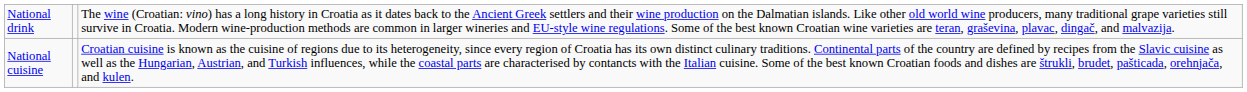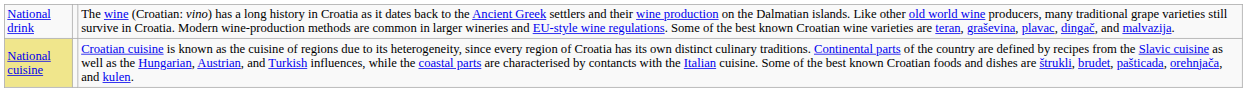 <table class="wikitable" style="text-align:left;">
 <tr>
 <td><a href='#'>National drink</a></td>
 <td></td>
 <td>The <a href='#'>wine</a> (Croatian: <em>vino</em>) has a long history in Croatia as it dates back to the <a href='#'>Ancient Greek</a> settlers and their <a href='#'>wine production</a> on the Dalmatian islands. Like other <a href='#'>old world wine</a> producers, many traditional grape varieties still survive in Croatia. Modern wine-production methods are common in larger wineries and <a href='#'>EU-style wine regulations</a>. Some of the best known Croatian wine varieties are  <a href='#'>teran</a>, <a href='#'>graševina</a>, <a href='#'>plavac</a>, <a href='#'>dingač</a>, and <a href='#'>malvazija</a>.</td>
 </tr>
 <tr>
-<td><a href='#'>National cuisine</a></td>
+<td style="background: khaki;"><a href='#'>National cuisine</a></td>
 <td></td>
 <td><a href='#'>Croatian cuisine</a> is known as the cuisine of regions due to its heterogeneity, since every region of Croatia has its own distinct culinary traditions. <a href='#'>Continental parts</a> of the country are defined by recipes from the <a href='#'>Slavic cuisine</a> as well as the <a href='#'>Hungarian</a>, <a href='#'>Austrian</a>, and <a href='#'>Turkish</a> influences, while the <a href='#'>coastal parts</a> are characterised by contancts with the <a href='#'>Italian</a> cuisine. Some of the best known Croatian foods and dishes are <a href='#'>štrukli</a>, <a href='#'>brudet</a>, <a href='#'>pašticada</a>, <a href='#'>orehnjača</a>, and <a href='#'>kulen</a>.</td>
 </tr>
 </table>
